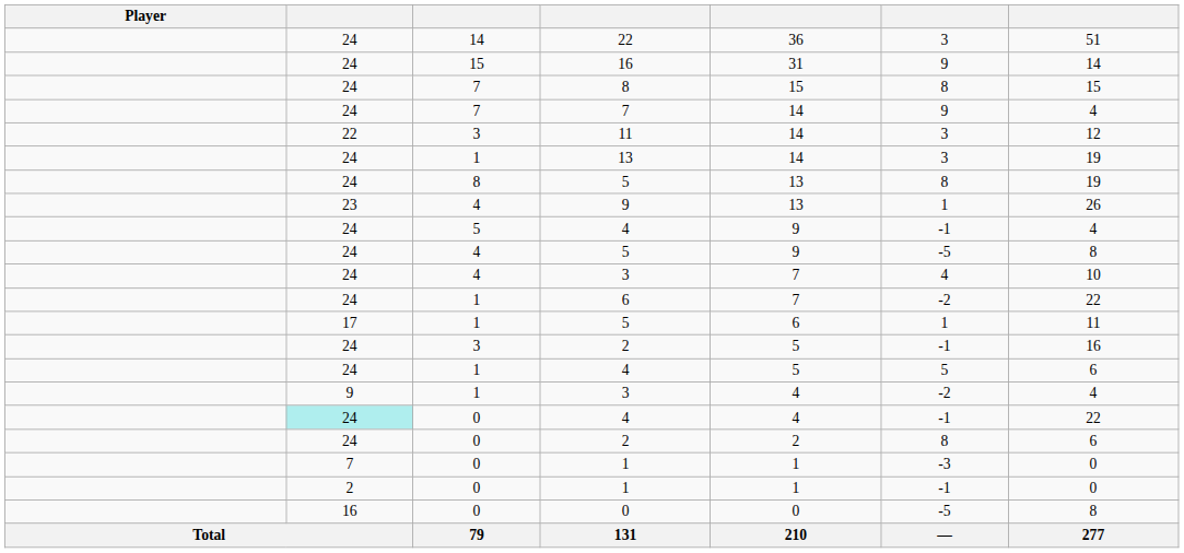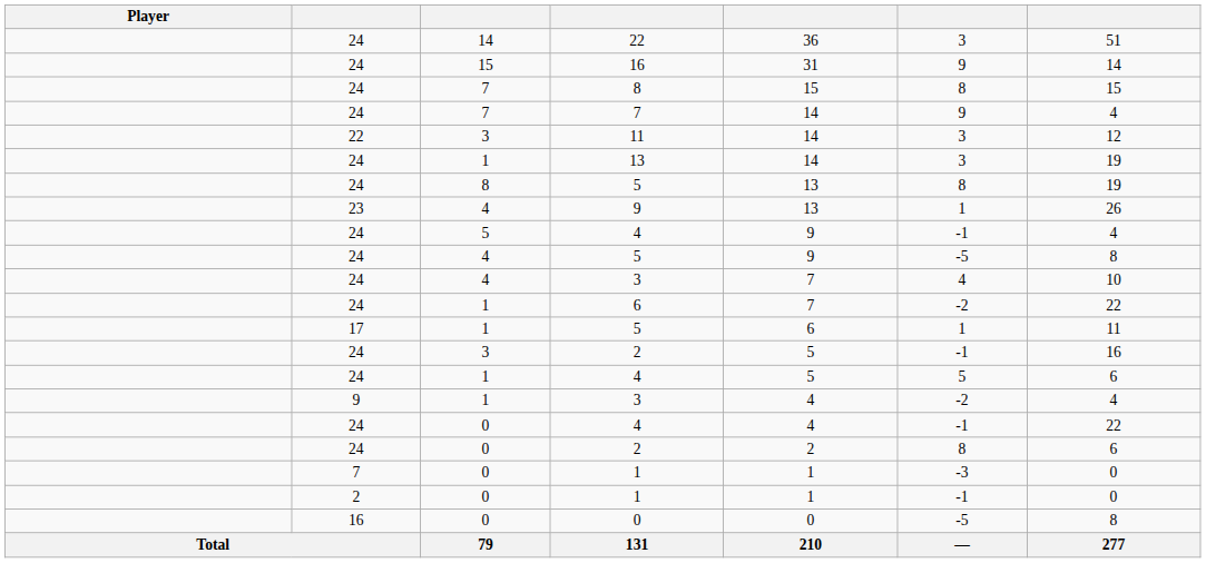 <table class="wikitable sortable" style="width:100%; text-align:center;">
 <tr>
 <th>Player</th>
 <th></th>
 <th></th>
 <th></th>
 <th></th>
 <th data-sort-type="number"></th>
 <th></th>
 </tr>
 <tr>
 <td></td>
 <td>24</td>
 <td>14</td>
 <td>22</td>
 <td>36</td>
 <td>3</td>
 <td>51</td>
 </tr>
 <tr>
 <td></td>
 <td>24</td>
 <td>15</td>
 <td>16</td>
 <td>31</td>
 <td>9</td>
 <td>14</td>
 </tr>
 <tr>
 <td></td>
 <td>24</td>
 <td>7</td>
 <td>8</td>
 <td>15</td>
 <td>8</td>
 <td>15</td>
 </tr>
 <tr>
 <td></td>
 <td>24</td>
 <td>7</td>
 <td>7</td>
 <td>14</td>
 <td>9</td>
 <td>4</td>
 </tr>
 <tr>
 <td></td>
 <td>22</td>
 <td>3</td>
 <td>11</td>
 <td>14</td>
 <td>3</td>
 <td>12</td>
 </tr>
 <tr>
 <td></td>
 <td>24</td>
 <td>1</td>
 <td>13</td>
 <td>14</td>
 <td>3</td>
 <td>19</td>
 </tr>
 <tr>
 <td></td>
 <td>24</td>
 <td>8</td>
 <td>5</td>
 <td>13</td>
 <td>8</td>
 <td>19</td>
 </tr>
 <tr>
 <td></td>
 <td>23</td>
 <td>4</td>
 <td>9</td>
 <td>13</td>
 <td>1</td>
 <td>26</td>
 </tr>
 <tr>
 <td></td>
 <td>24</td>
 <td>5</td>
 <td>4</td>
 <td>9</td>
 <td>-1</td>
 <td>4</td>
 </tr>
 <tr>
 <td></td>
 <td>24</td>
 <td>4</td>
 <td>5</td>
 <td>9</td>
 <td>-5</td>
 <td>8</td>
 </tr>
 <tr>
 <td></td>
 <td>24</td>
 <td>4</td>
 <td>3</td>
 <td>7</td>
 <td>4</td>
 <td>10</td>
 </tr>
 <tr>
 <td></td>
 <td>24</td>
 <td>1</td>
 <td>6</td>
 <td>7</td>
 <td>-2</td>
 <td>22</td>
 </tr>
 <tr>
 <td></td>
 <td>17</td>
 <td>1</td>
 <td>5</td>
 <td>6</td>
 <td>1</td>
 <td>11</td>
 </tr>
 <tr>
 <td></td>
 <td>24</td>
 <td>3</td>
 <td>2</td>
 <td>5</td>
 <td>-1</td>
 <td>16</td>
 </tr>
 <tr>
 <td></td>
 <td>24</td>
 <td>1</td>
 <td>4</td>
 <td>5</td>
 <td>5</td>
 <td>6</td>
 </tr>
 <tr>
 <td></td>
 <td>9</td>
 <td>1</td>
 <td>3</td>
 <td>4</td>
 <td>-2</td>
 <td>4</td>
 </tr>
 <tr>
 <td></td>
-<td style="background: paleturquoise;">24</td>
+<td>24</td>
 <td>0</td>
 <td>4</td>
 <td>4</td>
 <td>-1</td>
 <td>22</td>
 </tr>
 <tr>
 <td></td>
 <td>24</td>
 <td>0</td>
 <td>2</td>
 <td>2</td>
 <td>8</td>
 <td>6</td>
 </tr>
 <tr>
 <td></td>
 <td>7</td>
 <td>0</td>
 <td>1</td>
 <td>1</td>
 <td>-3</td>
 <td>0</td>
 </tr>
 <tr>
 <td></td>
 <td>2</td>
 <td>0</td>
 <td>1</td>
 <td>1</td>
 <td>-1</td>
 <td>0</td>
 </tr>
 <tr>
 <td></td>
 <td>16</td>
 <td>0</td>
 <td>0</td>
 <td>0</td>
 <td>-5</td>
 <td>8</td>
 </tr>
 <tr class="sortbottom">
 <th colspan=2>Total</th>
 <th>79</th>
 <th>131</th>
 <th>210</th>
 <th>—</th>
 <th>277</th>
 </tr>
 </table>
